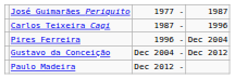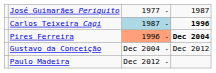 <table class="wikitable" style="font-size:90%;">
 <tr>
 <td align=right></td>
 <td><a href='#'>José Guimarães <em>Periquito</em></a></td>
 <td align=right>1977 -</td>
 <td align=right>1987</td>
 </tr>
 <tr>
 <td align=right></td>
 <td><a href='#'>Carlos Teixeira <em>Cagi</em></a></td>
-<td align=right>1987 -</td>
-<td align=right>1996</td>
+<td align=right style="background: lightblue;">1987 -</td>
+<td align=right><strong>1996</strong></td>
 </tr>
 <tr>
 <td align=right></td>
 <td><a href='#'>Pires Ferreira</a></td>
-<td align=right>1996 -</td>
-<td align=right>Dec 2004</td>
+<td align=right style="background: lightsalmon;">1996 -</td>
+<td align=right><strong>Dec 2004</strong></td>
 </tr>
 <tr>
 <td align=right></td>
 <td><a href='#'>Gustavo da Conceição</a></td>
 <td align=right>Dec 2004 -</td>
 <td align=right>Dec 2012</td>
 </tr>
 <tr>
 <td align=right></td>
 <td><a href='#'>Paulo Madeira</a></td>
 <td align=right>Dec 2012 -</td>
 <td></td>
 </tr>
 </table>
